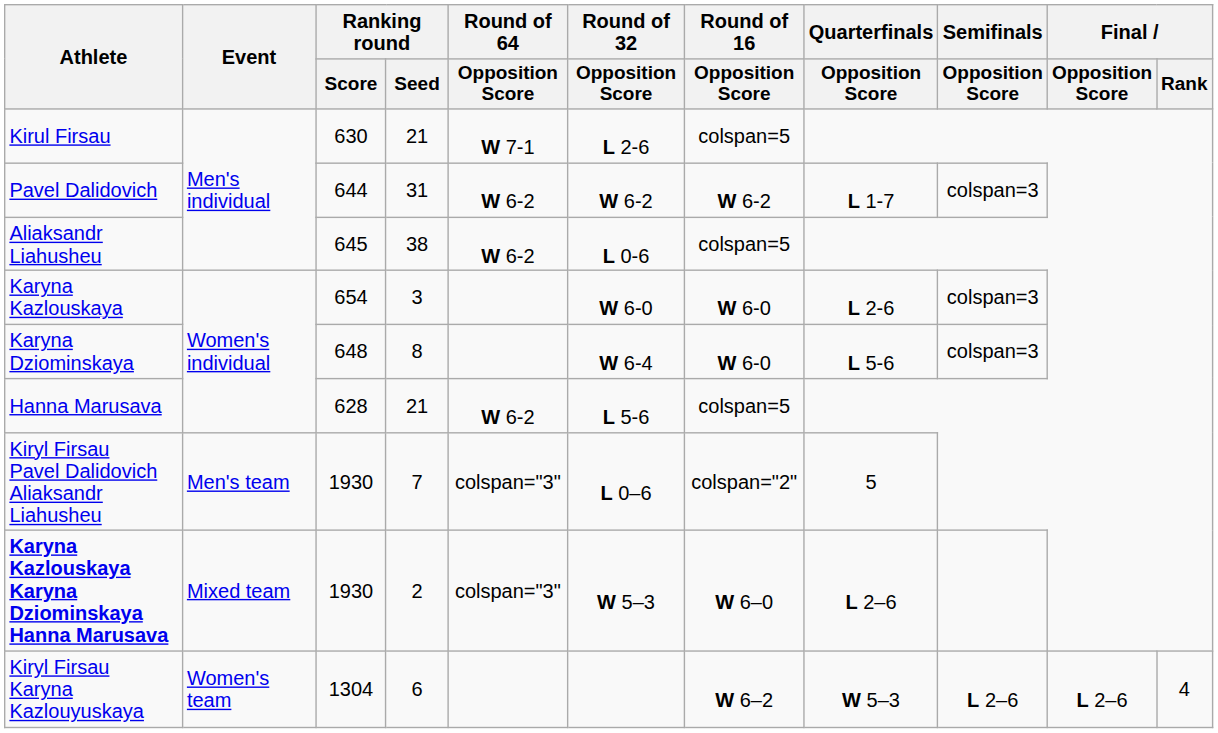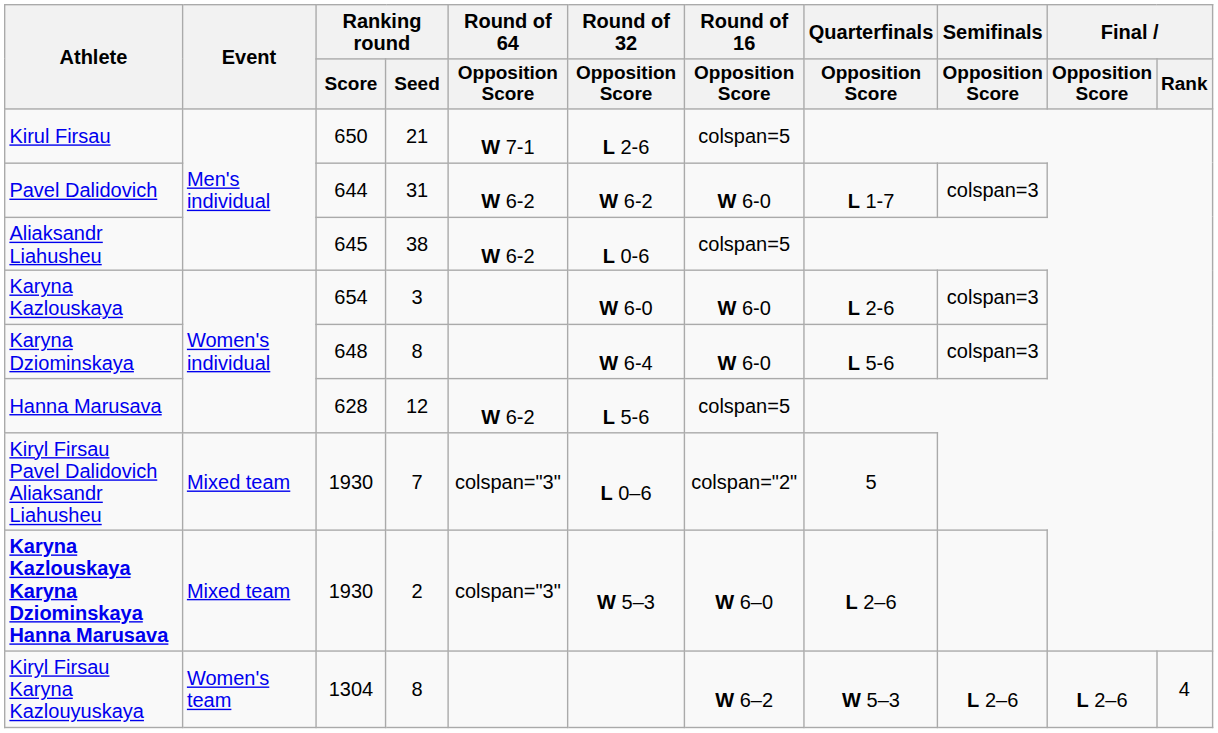 <table class="wikitable" style="text-align:center; font-size:90%">
 <tr>
 <th rowspan="2">Athlete</th>
 <th rowspan="2">Event</th>
 <th colspan="2">Ranking round</th>
 <th>Round of 64</th>
 <th>Round of 32</th>
 <th>Round of 16</th>
 <th>Quarterfinals</th>
 <th>Semifinals</th>
 <th colspan="2">Final / </th>
 </tr>
 <tr style="font-size:95%">
 <th>Score</th>
 <th>Seed</th>
 <th>Opposition<br>Score</th>
 <th>Opposition<br>Score</th>
 <th>Opposition<br>Score</th>
 <th>Opposition<br>Score</th>
 <th>Opposition<br>Score</th>
 <th>Opposition<br>Score</th>
 <th>Rank</th>
 </tr>
 <tr>
 <td align="left"><a href='#'>Kirul Firsau</a></td>
 <td align="left" rowspan="3"><a href='#'>Men's individual</a></td>
-<td>630</td>
+<td>650</td>
 <td>21</td>
 <td><br><strong>W</strong> 7-1</td>
 <td><br><strong>L</strong> 2-6</td>
 <td>colspan=5 </td>
 </tr>
 <tr>
 <td align="left"><a href='#'>Pavel Dalidovich</a></td>
 <td>644</td>
 <td>31</td>
 <td><br><strong>W</strong> 6-2</td>
 <td><br><strong>W</strong> 6-2</td>
-<td><br><strong>W</strong> 6-2</td>
+<td><br><strong>W</strong> 6-0</td>
 <td><br><strong>L</strong> 1-7</td>
 <td>colspan=3 </td>
 </tr>
 <tr>
 <td align="left"><a href='#'>Aliaksandr Liahusheu</a></td>
 <td>645</td>
 <td>38</td>
 <td><br><strong>W</strong> 6-2</td>
 <td><br><strong>L</strong> 0-6</td>
 <td>colspan=5 </td>
 </tr>
 <tr>
 <td align="left"><a href='#'>Karyna Kazlouskaya</a></td>
 <td align="left" rowspan="3"><a href='#'>Women's individual</a></td>
 <td>654</td>
 <td>3</td>
 <td></td>
 <td><br><strong>W</strong> 6-0</td>
 <td><br><strong>W</strong> 6-0</td>
 <td><br><strong>L</strong> 2-6</td>
 <td>colspan=3 </td>
 </tr>
 <tr>
 <td align="left"><a href='#'>Karyna Dziominskaya</a></td>
 <td>648</td>
 <td>8</td>
 <td></td>
 <td><br><strong>W</strong> 6-4</td>
 <td><br><strong>W</strong> 6-0</td>
 <td><br><strong>L</strong> 5-6</td>
 <td>colspan=3 </td>
 </tr>
 <tr>
 <td align="left"><a href='#'>Hanna Marusava</a></td>
 <td>628</td>
-<td>21</td>
+<td>12</td>
 <td><br><strong>W</strong> 6-2</td>
 <td><br><strong>L</strong> 5-6</td>
 <td>colspan=5 </td>
 </tr>
 <tr>
 <td align="left"><a href='#'>Kiryl Firsau</a><br><a href='#'>Pavel Dalidovich</a><br><a href='#'>Aliaksandr Liahusheu</a></td>
-<td align="left"><a href='#'>Men's team</a></td>
+<td align="left"><a href='#'>Mixed team</a></td>
 <td>1930</td>
 <td>7</td>
 <td>colspan="3" </td>
 <td><br><strong>L</strong> 0–6</td>
 <td>colspan="2" </td>
 <td>5</td>
 </tr>
 <tr>
 <td align="left"><strong><a href='#'>Karyna Kazlouskaya</a><br><a href='#'>Karyna Dziominskaya</a><br><a href='#'>Hanna Marusava</a></strong></td>
 <td align="left"><a href='#'>Mixed team</a></td>
 <td>1930</td>
 <td>2</td>
 <td>colspan="3" </td>
 <td><br><strong>W</strong> 5–3</td>
 <td><br><strong>W</strong> 6–0</td>
 <td><br><strong>L</strong> 2–6</td>
 <td></td>
 </tr>
 <tr>
 <td align="left"><a href='#'>Kiryl Firsau</a><br><a href='#'>Karyna Kazlouyuskaya</a></td>
 <td align="left"><a href='#'>Women's team</a></td>
 <td>1304</td>
-<td>6</td>
+<td>8</td>
 <td></td>
 <td></td>
 <td><br><strong>W</strong> 6–2</td>
 <td><br><strong>W</strong> 5–3</td>
 <td><br><strong>L</strong> 2–6</td>
 <td><br><strong>L</strong> 2–6</td>
 <td>4</td>
 </tr>
 </table>
